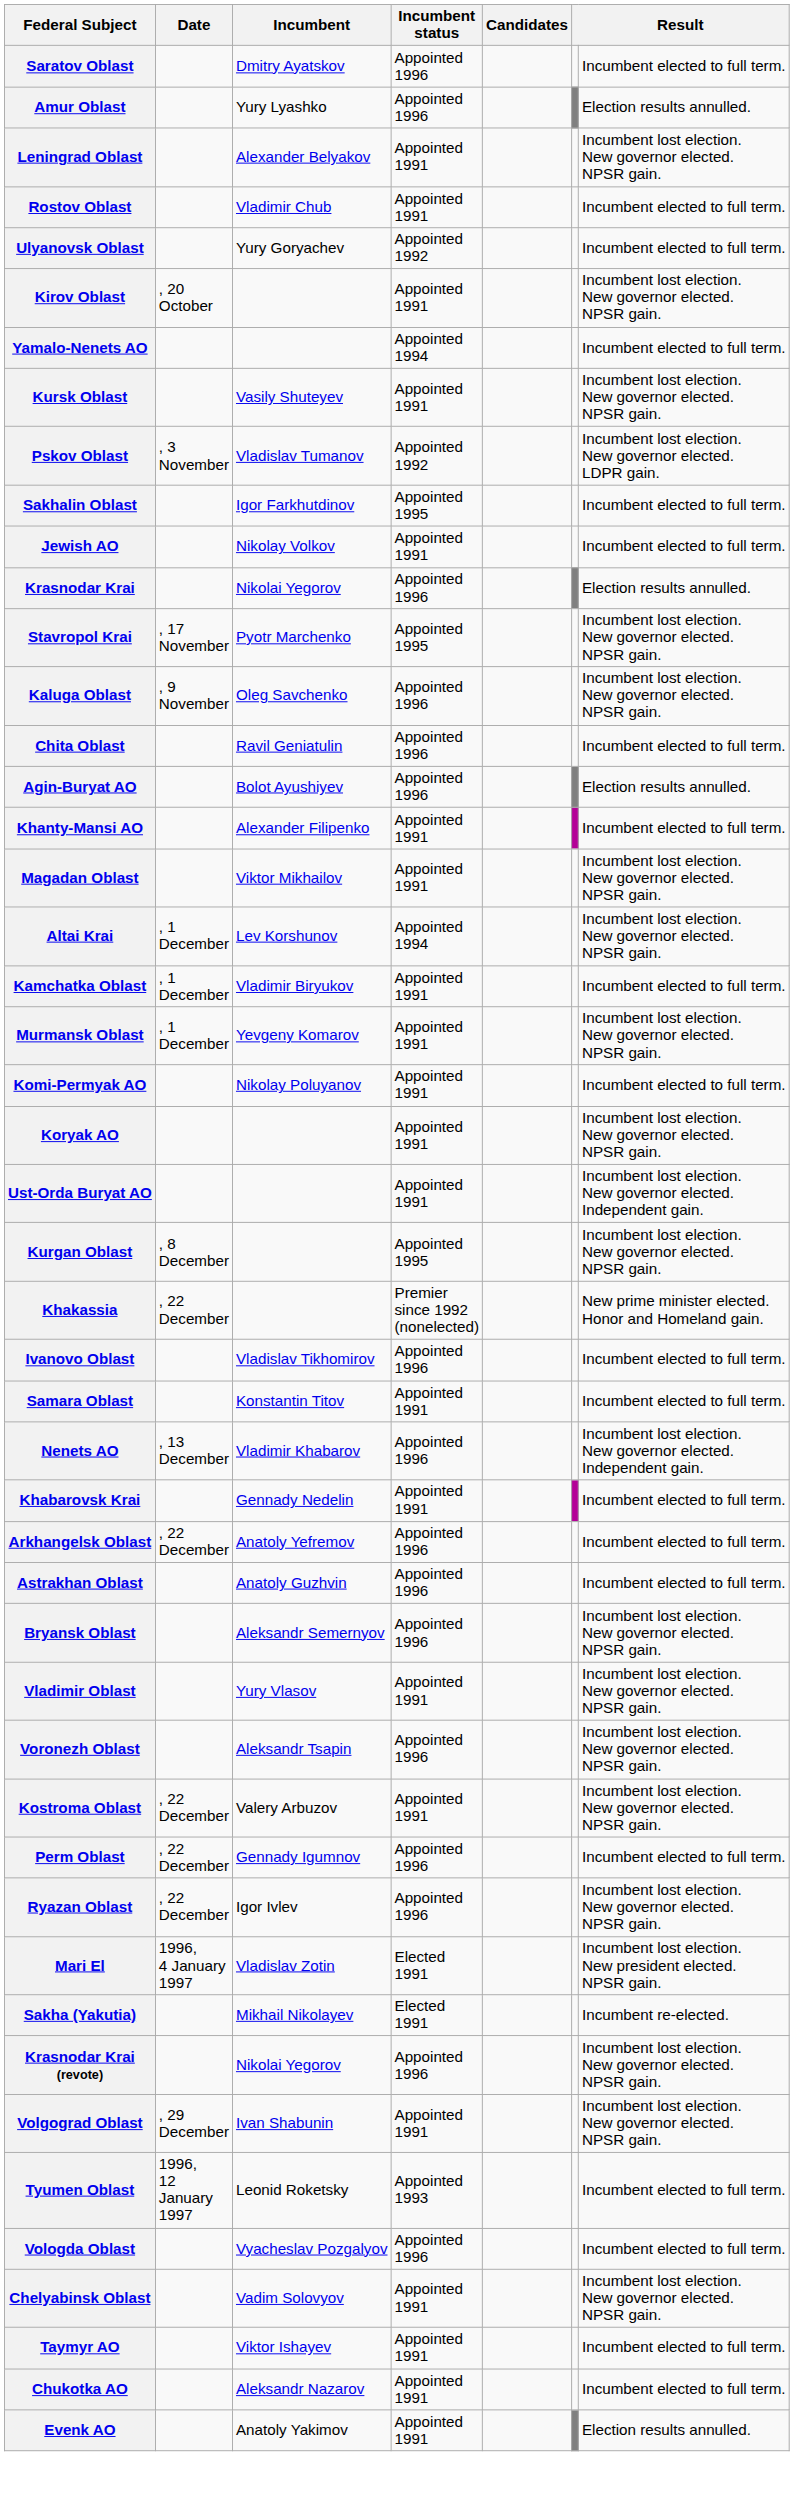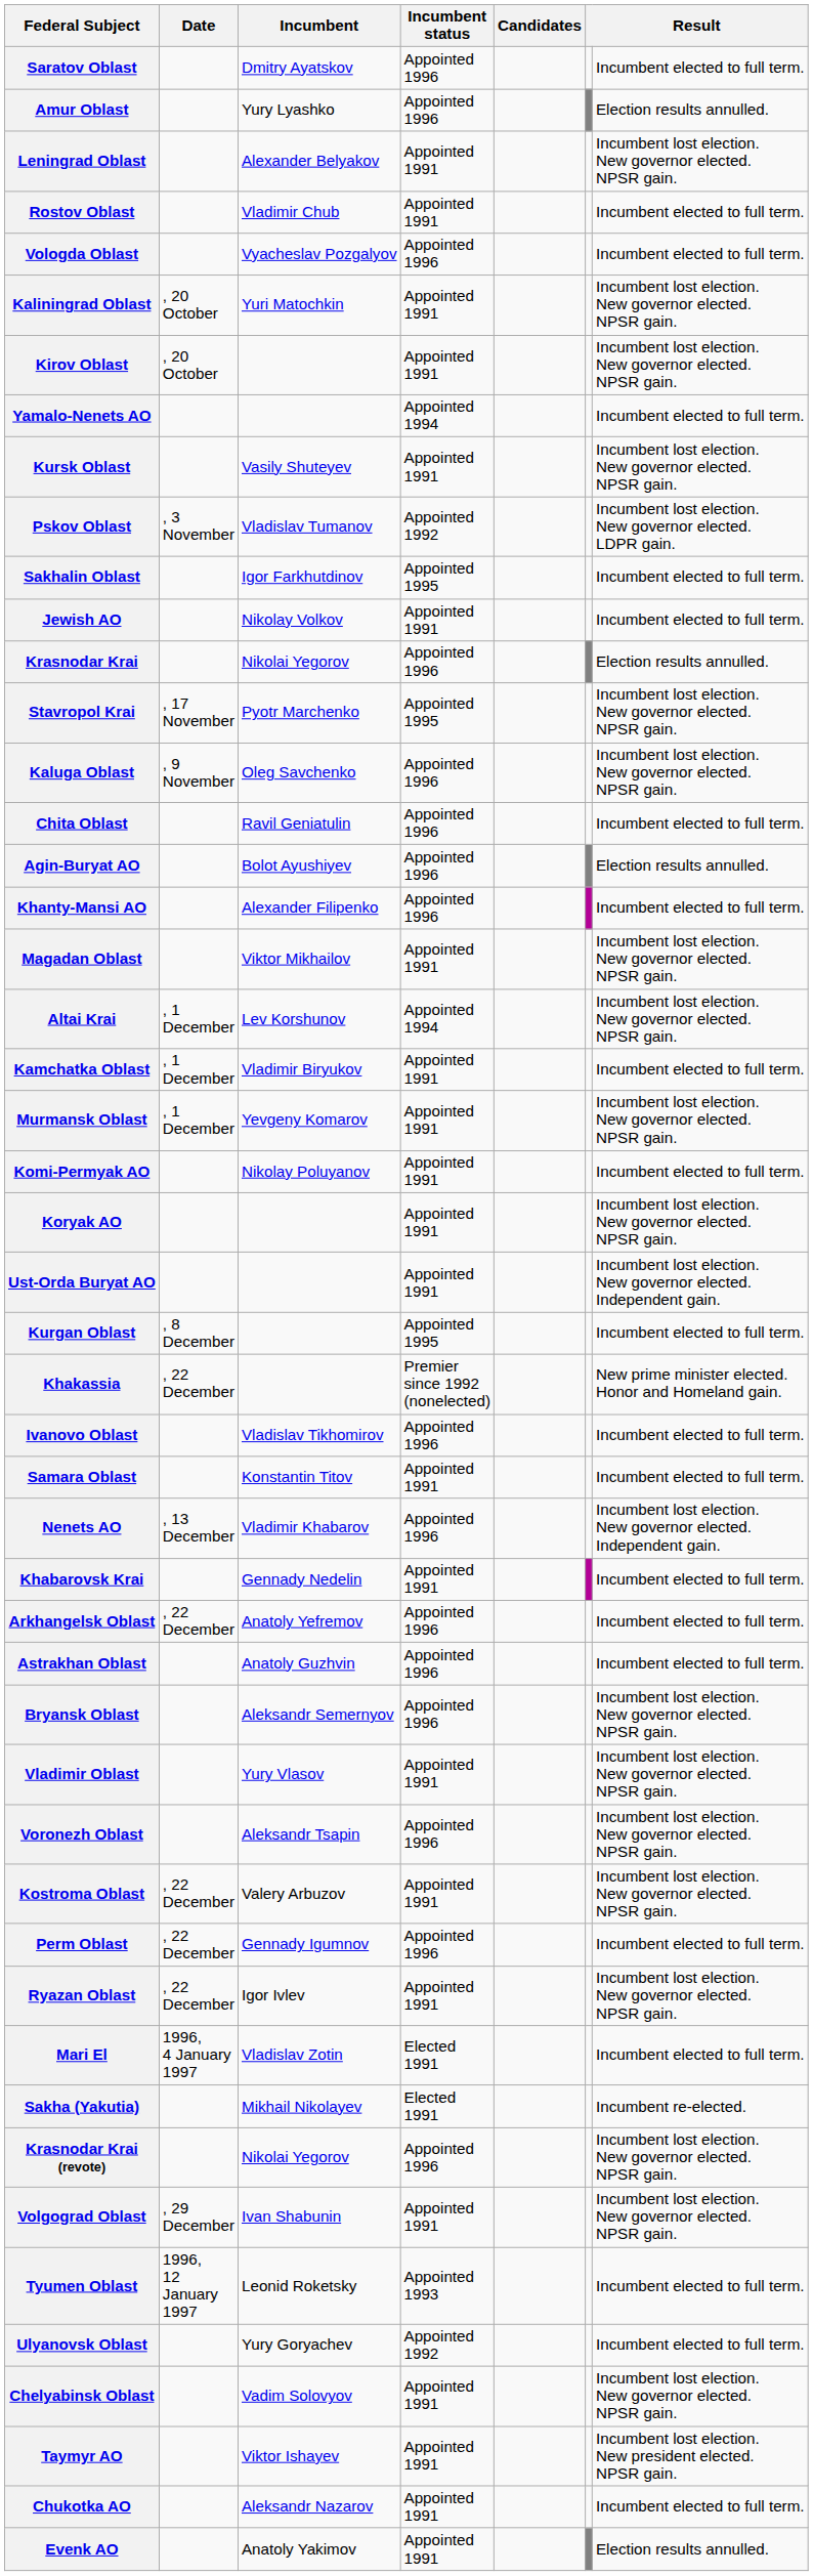 <table class="wikitable sortable">
 <tr>
 <th>Federal Subject</th>
 <th style="width: 70px">Date</th>
 <th>Incumbent</th>
 <th style="width: 50px">Incumbent status</th>
 <th>Candidates</th>
 <th colspan = 2>Result</th>
 </tr>
 <tr>
 <th><a href='#'>Saratov Oblast</a></th>
 <td></td>
 <td><a href='#'>Dmitry Ayatskov</a></td>
 <td>Appointed 1996</td>
 <td></td>
 <td style="background:"></td>
 <td>Incumbent elected to full term.</td>
 </tr>
 <tr>
 <th><a href='#'>Amur Oblast</a></th>
 <td></td>
 <td>Yury Lyashko</td>
 <td>Appointed 1996</td>
 <td></td>
 <td style="background:grey"></td>
 <td>Election results annulled.</td>
 </tr>
 <tr>
 <th><a href='#'>Leningrad Oblast</a></th>
 <td></td>
 <td><a href='#'>Alexander Belyakov</a></td>
 <td>Appointed 1991</td>
 <td></td>
 <td style="background:"></td>
 <td>Incumbent lost election.<br>New governor elected.<br>NPSR gain.</td>
 </tr>
 <tr>
 <th><a href='#'>Rostov Oblast</a></th>
 <td></td>
 <td><a href='#'>Vladimir Chub</a></td>
 <td>Appointed 1991</td>
 <td></td>
 <td style="background:"></td>
 <td>Incumbent elected to full term.</td>
 </tr>
 <tr>
-<th><a href='#'>Ulyanovsk Oblast</a></th>
+<th><a href='#'>Vologda Oblast</a></th>
 <td></td>
-<td>Yury Goryachev</td>
-<td>Appointed 1992</td>
+<td><a href='#'>Vyacheslav Pozgalyov</a></td>
+<td>Appointed 1996</td>
 <td></td>
 <td style="background:"></td>
 <td>Incumbent elected to full term.</td>
+</tr>
+<tr>
+<th><a href='#'>Kaliningrad Oblast</a></th>
+<td>, 20 October</td>
+<td><a href='#'>Yuri Matochkin</a></td>
+<td>Appointed 1991</td>
+<td></td>
+<td style="background:"></td>
+<td>Incumbent lost election.<br>New governor elected.<br>NPSR gain.</td>
 </tr>
 <tr>
 <th><a href='#'>Kirov Oblast</a></th>
 <td>, 20 October</td>
 <td></td>
 <td>Appointed 1991</td>
 <td></td>
 <td style="background:"></td>
 <td>Incumbent lost election.<br>New governor elected.<br>NPSR gain.</td>
 </tr>
 <tr>
 <th><a href='#'>Yamalo-Nenets AO</a></th>
 <td></td>
 <td></td>
 <td>Appointed 1994</td>
 <td></td>
 <td style="background:"></td>
 <td>Incumbent elected to full term.</td>
 </tr>
 <tr>
 <th><a href='#'>Kursk Oblast</a></th>
 <td></td>
 <td><a href='#'>Vasily Shuteyev</a></td>
 <td>Appointed 1991</td>
 <td></td>
 <td style="background:"></td>
 <td>Incumbent lost election.<br>New governor elected.<br>NPSR gain.</td>
 </tr>
 <tr>
 <th><a href='#'>Pskov Oblast</a></th>
 <td>, 3 November</td>
 <td><a href='#'>Vladislav Tumanov</a></td>
 <td>Appointed 1992</td>
 <td></td>
 <td style="background:"></td>
 <td>Incumbent lost election.<br>New governor elected.<br>LDPR gain.</td>
 </tr>
 <tr>
 <th><a href='#'>Sakhalin Oblast</a></th>
 <td></td>
 <td><a href='#'>Igor Farkhutdinov</a></td>
 <td>Appointed 1995</td>
 <td></td>
 <td style="background:"></td>
 <td>Incumbent elected to full term.</td>
 </tr>
 <tr>
 <th><a href='#'>Jewish AO</a></th>
 <td></td>
 <td><a href='#'>Nikolay Volkov</a></td>
 <td>Appointed 1991</td>
 <td></td>
 <td style="background:"></td>
 <td>Incumbent elected to full term.</td>
 </tr>
 <tr>
 <th><a href='#'>Krasnodar Krai</a></th>
 <td></td>
 <td><a href='#'>Nikolai Yegorov</a></td>
 <td>Appointed 1996</td>
 <td></td>
 <td style="background:grey"></td>
 <td>Election results annulled.</td>
 </tr>
 <tr>
 <th><a href='#'>Stavropol Krai</a></th>
 <td>, 17 November</td>
 <td><a href='#'>Pyotr Marchenko</a></td>
 <td>Appointed 1995</td>
 <td></td>
 <td style="background:"></td>
 <td>Incumbent lost election.<br>New governor elected.<br>NPSR gain.</td>
 </tr>
 <tr>
 <th><a href='#'>Kaluga Oblast</a></th>
 <td>, 9 November</td>
 <td><a href='#'>Oleg Savchenko</a></td>
 <td>Appointed 1996</td>
 <td></td>
 <td style="background:"></td>
 <td>Incumbent lost election.<br>New governor elected.<br>NPSR gain.</td>
 </tr>
 <tr>
 <th><a href='#'>Chita Oblast</a></th>
 <td></td>
 <td><a href='#'>Ravil Geniatulin</a></td>
 <td>Appointed 1996</td>
 <td></td>
 <td style="background:"></td>
 <td>Incumbent elected to full term.</td>
 </tr>
 <tr>
 <th><a href='#'>Agin-Buryat AO</a></th>
 <td></td>
 <td><a href='#'>Bolot Ayushiyev</a></td>
 <td>Appointed 1996</td>
 <td></td>
 <td style="background:grey"></td>
 <td>Election results annulled.</td>
 </tr>
 <tr>
 <th><a href='#'>Khanty-Mansi AO</a></th>
 <td></td>
 <td><a href='#'>Alexander Filipenko</a></td>
-<td>Appointed 1991</td>
+<td>Appointed 1996</td>
 <td></td>
 <td style="background:#B40097"></td>
 <td>Incumbent elected to full term.</td>
 </tr>
 <tr>
 <th><a href='#'>Magadan Oblast</a></th>
 <td></td>
 <td><a href='#'>Viktor Mikhailov</a></td>
 <td>Appointed 1991</td>
 <td></td>
 <td style="background:"></td>
 <td>Incumbent lost election.<br>New governor elected.<br>NPSR gain.</td>
 </tr>
 <tr>
 <th><a href='#'>Altai Krai</a></th>
 <td>, 1 December</td>
 <td><a href='#'>Lev Korshunov</a></td>
 <td>Appointed 1994</td>
 <td></td>
 <td style="background:"></td>
 <td>Incumbent lost election.<br>New governor elected.<br>NPSR gain.</td>
 </tr>
 <tr>
 <th><a href='#'>Kamchatka Oblast</a></th>
 <td>, 1 December</td>
 <td><a href='#'>Vladimir Biryukov</a></td>
 <td>Appointed 1991</td>
 <td></td>
 <td style="background:"></td>
 <td>Incumbent elected to full term.</td>
 </tr>
 <tr>
 <th><a href='#'>Murmansk Oblast</a></th>
 <td>, 1 December</td>
 <td><a href='#'>Yevgeny Komarov</a></td>
 <td>Appointed 1991</td>
 <td></td>
 <td style="background:"></td>
 <td>Incumbent lost election.<br>New governor elected.<br>NPSR gain.</td>
 </tr>
 <tr>
 <th><a href='#'>Komi-Permyak AO</a></th>
 <td></td>
 <td><a href='#'>Nikolay Poluyanov</a></td>
 <td>Appointed 1991</td>
 <td></td>
 <td style="background:"></td>
 <td>Incumbent elected to full term.</td>
 </tr>
 <tr>
 <th><a href='#'>Koryak AO</a></th>
 <td></td>
 <td></td>
 <td>Appointed 1991</td>
 <td></td>
 <td style="background:"></td>
 <td>Incumbent lost election.<br>New governor elected.<br>NPSR gain.</td>
 </tr>
 <tr>
 <th><a href='#'>Ust-Orda Buryat AO</a></th>
 <td></td>
 <td></td>
 <td>Appointed 1991</td>
 <td></td>
 <td style="background:"></td>
 <td>Incumbent lost election.<br>New governor elected.<br>Independent gain.</td>
 </tr>
 <tr>
 <th><a href='#'>Kurgan Oblast</a></th>
 <td>, 8 December</td>
 <td></td>
 <td>Appointed 1995</td>
 <td></td>
 <td style="background:"></td>
-<td>Incumbent lost election.<br>New governor elected.<br>NPSR gain.</td>
+<td>Incumbent elected to full term.</td>
 </tr>
 <tr>
 <th><a href='#'>Khakassia</a></th>
 <td>, 22 December</td>
 <td></td>
 <td>Premier since 1992 (nonelected)</td>
 <td></td>
 <td style="background:"></td>
 <td>New prime minister elected.<br>Honor and Homeland gain.</td>
 </tr>
 <tr>
 <th><a href='#'>Ivanovo Oblast</a></th>
 <td></td>
 <td><a href='#'>Vladislav Tikhomirov</a></td>
 <td>Appointed 1996</td>
 <td></td>
 <td style="background:"></td>
 <td>Incumbent elected to full term.</td>
 </tr>
 <tr>
 <th><a href='#'>Samara Oblast</a></th>
 <td></td>
 <td><a href='#'>Konstantin Titov</a></td>
 <td>Appointed 1991</td>
 <td></td>
 <td style="background:"></td>
 <td>Incumbent elected to full term.</td>
 </tr>
 <tr>
 <th><a href='#'>Nenets AO</a></th>
 <td>, 13 December</td>
 <td><a href='#'>Vladimir Khabarov</a></td>
 <td>Appointed 1996</td>
 <td></td>
 <td style="background:"></td>
 <td>Incumbent lost election.<br>New governor elected.<br>Independent gain.</td>
 </tr>
 <tr>
 <th><a href='#'>Khabarovsk Krai</a></th>
 <td></td>
 <td><a href='#'>Gennady Nedelin</a></td>
 <td>Appointed 1991</td>
 <td></td>
 <td style="background:#B40097"></td>
 <td>Incumbent elected to full term.</td>
 </tr>
 <tr>
 <th><a href='#'>Arkhangelsk Oblast</a></th>
 <td>, 22 December</td>
 <td><a href='#'>Anatoly Yefremov</a></td>
 <td>Appointed 1996</td>
 <td></td>
 <td style="background:"></td>
 <td>Incumbent elected to full term.</td>
 </tr>
 <tr>
 <th><a href='#'>Astrakhan Oblast</a></th>
 <td></td>
 <td><a href='#'>Anatoly Guzhvin</a></td>
 <td>Appointed 1996</td>
 <td></td>
 <td style="background:"></td>
 <td>Incumbent elected to full term.</td>
 </tr>
 <tr>
 <th><a href='#'>Bryansk Oblast</a></th>
 <td></td>
 <td><a href='#'>Aleksandr Semernyov</a></td>
 <td>Appointed 1996</td>
 <td></td>
 <td style="background:"></td>
 <td>Incumbent lost election.<br>New governor elected.<br>NPSR gain.</td>
 </tr>
 <tr>
 <th><a href='#'>Vladimir Oblast</a></th>
 <td></td>
 <td><a href='#'>Yury Vlasov</a></td>
 <td>Appointed 1991</td>
 <td></td>
 <td style="background:"></td>
 <td>Incumbent lost election.<br>New governor elected.<br>NPSR gain.</td>
 </tr>
 <tr>
 <th><a href='#'>Voronezh Oblast</a></th>
 <td></td>
 <td><a href='#'>Aleksandr Tsapin</a></td>
 <td>Appointed 1996</td>
 <td></td>
 <td style="background:"></td>
 <td>Incumbent lost election.<br>New governor elected.<br>NPSR gain.</td>
 </tr>
 <tr>
 <th><a href='#'>Kostroma Oblast</a></th>
 <td>, 22 December</td>
 <td>Valery Arbuzov</td>
 <td>Appointed 1991</td>
 <td></td>
 <td style="background:"></td>
 <td>Incumbent lost election.<br>New governor elected.<br>NPSR gain.</td>
 </tr>
 <tr>
 <th><a href='#'>Perm Oblast</a></th>
 <td>,  22 December</td>
 <td><a href='#'>Gennady Igumnov</a></td>
 <td>Appointed 1996</td>
 <td></td>
 <td style="background:"></td>
 <td>Incumbent elected to full term.</td>
 </tr>
 <tr>
 <th><a href='#'>Ryazan Oblast</a></th>
 <td>, 22 December</td>
 <td>Igor Ivlev</td>
-<td>Appointed 1996</td>
+<td>Appointed 1991</td>
 <td></td>
 <td style="background:"></td>
 <td>Incumbent lost election.<br>New governor elected.<br>NPSR gain.</td>
 </tr>
 <tr>
 <th><a href='#'>Mari El</a></th>
 <td> 1996,<br>4 January 1997</td>
 <td><a href='#'>Vladislav Zotin</a></td>
 <td>Elected 1991</td>
 <td></td>
 <td style="background:"></td>
-<td>Incumbent lost election.<br>New president elected.<br>NPSR gain.</td>
+<td>Incumbent elected to full term.</td>
 </tr>
 <tr>
 <th><a href='#'>Sakha (Yakutia)</a></th>
 <td></td>
 <td><a href='#'>Mikhail Nikolayev</a></td>
 <td>Elected 1991</td>
 <td></td>
 <td style="background:"></td>
 <td>Incumbent re-elected.</td>
 </tr>
 <tr>
 <th><a href='#'>Krasnodar Krai</a><br><small>(revote)</small></th>
 <td></td>
 <td><a href='#'>Nikolai Yegorov</a></td>
 <td>Appointed 1996</td>
 <td></td>
 <td style="background:"></td>
 <td>Incumbent lost election.<br>New governor elected.<br>NPSR gain.</td>
 </tr>
 <tr>
 <th><a href='#'>Volgograd Oblast</a></th>
 <td>, 29 December</td>
 <td><a href='#'>Ivan Shabunin</a></td>
 <td>Appointed 1991</td>
 <td></td>
 <td style="background:"></td>
 <td>Incumbent lost election.<br>New governor elected.<br>NPSR gain.</td>
 </tr>
 <tr>
 <th><a href='#'>Tyumen Oblast</a></th>
 <td> 1996,<br>12 January 1997</td>
 <td>Leonid Roketsky</td>
 <td>Appointed 1993</td>
 <td></td>
 <td style="background:"></td>
 <td>Incumbent elected to full term.</td>
 </tr>
 <tr>
-<th><a href='#'>Vologda Oblast</a></th>
+<th><a href='#'>Ulyanovsk Oblast</a></th>
 <td></td>
-<td><a href='#'>Vyacheslav Pozgalyov</a></td>
-<td>Appointed 1996</td>
+<td>Yury Goryachev</td>
+<td>Appointed 1992</td>
 <td></td>
 <td style="background:"></td>
 <td>Incumbent elected to full term.</td>
 </tr>
 <tr>
 <th><a href='#'>Chelyabinsk Oblast</a></th>
 <td></td>
 <td><a href='#'>Vadim Solovyov</a></td>
 <td>Appointed 1991</td>
 <td></td>
 <td style="background:"></td>
 <td>Incumbent lost election.<br>New governor elected.<br>NPSR gain.</td>
 </tr>
 <tr>
 <th><a href='#'>Taymyr AO</a></th>
 <td></td>
 <td><a href='#'>Viktor Ishayev</a></td>
 <td>Appointed 1991</td>
 <td></td>
 <td style="background:"></td>
-<td>Incumbent elected to full term.</td>
+<td>Incumbent lost election.<br>New president elected.<br>NPSR gain.</td>
 </tr>
 <tr>
 <th><a href='#'>Chukotka AO</a></th>
 <td></td>
 <td><a href='#'>Aleksandr Nazarov</a></td>
 <td>Appointed 1991</td>
 <td></td>
 <td style="background:"></td>
 <td>Incumbent elected to full term.</td>
 </tr>
 <tr>
 <th><a href='#'>Evenk AO</a></th>
 <td></td>
 <td>Anatoly Yakimov</td>
 <td>Appointed 1991</td>
 <td></td>
 <td style="background:grey"></td>
 <td>Election results annulled.</td>
 </tr>
 </table>
